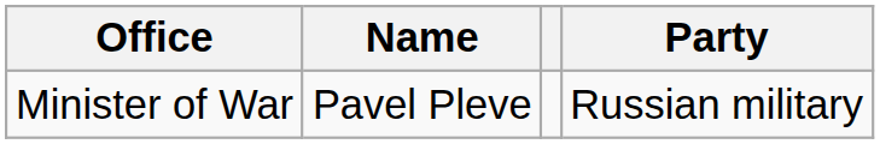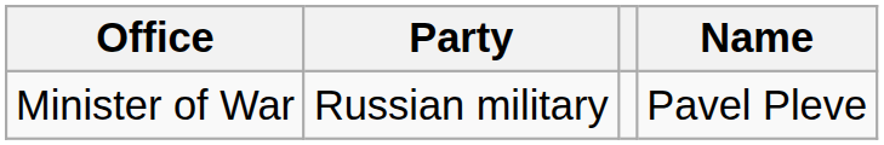 <table class="wikitable">
 <tr>
 <th>Office</th>
+<th>Party</th>
+<th></th>
 <th>Name</th>
-<th></th>
-<th>Party</th>
 </tr>
 <tr>
 <td>Minister of War</td>
+<td>Russian military</td>
+<td></td>
 <td>Pavel Pleve</td>
-<td></td>
-<td>Russian military</td>
 </tr>
 </table>
